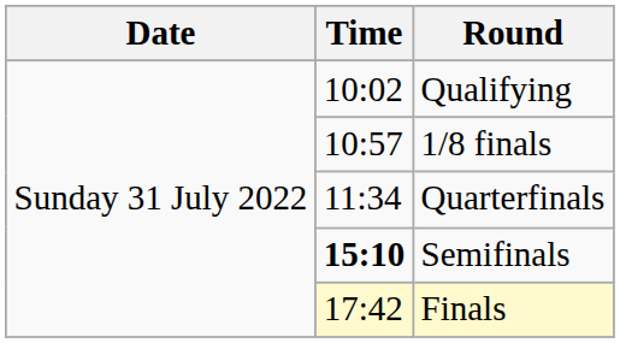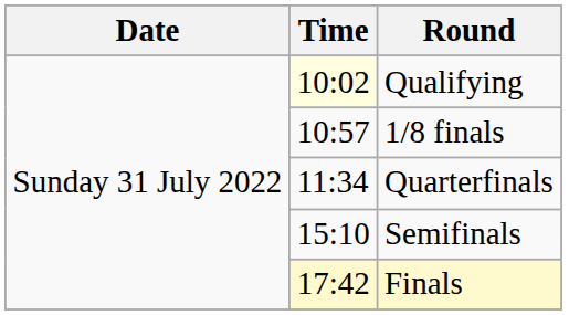 <table class="wikitable">
 <tr>
 <th>Date</th>
 <th>Time</th>
 <th>Round</th>
 </tr>
 <tr>
 <td rowspan=5>Sunday 31 July 2022</td>
-<td>10:02</td>
+<td style="background: lightyellow;">10:02</td>
 <td>Qualifying</td>
 </tr>
 <tr>
 <td>10:57</td>
 <td>1/8 finals</td>
 </tr>
 <tr>
 <td>11:34</td>
 <td>Quarterfinals</td>
 </tr>
 <tr>
-<td><strong>15:10</strong></td>
+<td>15:10</td>
 <td>Semifinals</td>
 </tr>
 <tr>
 <td style=background:lemonchiffon>17:42</td>
 <td style=background:lemonchiffon>Finals</td>
 </tr>
 </table>
